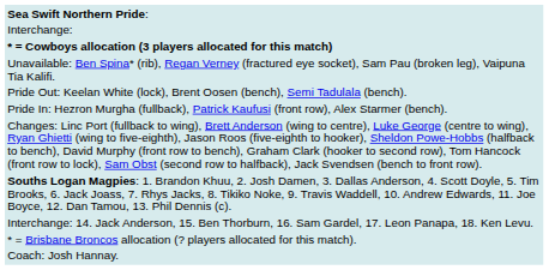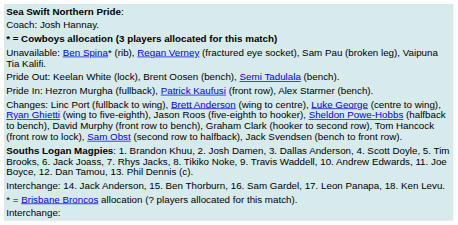 <table style="background:#d7ebed; font-size:85%; width:100%;">
 <tr>
 <td><strong>Sea Swift Northern Pride</strong>:             </td>
 </tr>
 <tr>
-<td>Interchange:    </td>
+<td>Coach: Josh Hannay.</td>
 </tr>
 <tr>
 <td><strong>* = Cowboys allocation (3 players allocated for this match)</strong></td>
 </tr>
 <tr>
 <td>Unavailable:  <a href='#'>Ben Spina</a>* (rib), <a href='#'>Regan Verney</a> (fractured eye socket), Sam Pau (broken leg), Vaipuna Tia Kalifi.</td>
 </tr>
 <tr>
 <td>Pride Out: Keelan White (lock), Brent Oosen (bench), <a href='#'>Semi Tadulala</a> (bench).</td>
 </tr>
 <tr>
 <td>Pride In: Hezron Murgha (fullback), <a href='#'>Patrick Kaufusi</a> (front row), Alex Starmer (bench).</td>
 </tr>
 <tr>
 <td>Changes: Linc Port (fullback to wing), <a href='#'>Brett Anderson</a> (wing to centre), <a href='#'>Luke George</a> (centre to wing), <a href='#'>Ryan Ghietti</a> (wing to five-eighth), Jason Roos (five-eighth to hooker), <a href='#'>Sheldon Powe-Hobbs</a> (halfback to bench), David Murphy (front row to bench), Graham Clark (hooker to second row), Tom Hancock (front row to lock), <a href='#'>Sam Obst</a> (second row to halfback), Jack Svendsen (bench to front row).</td>
 </tr>
 <tr>
 <td><strong>Souths Logan Magpies</strong>:  1. Brandon Khuu, 2. Josh Damen, 3. Dallas Anderson, 4. Scott Doyle, 5. Tim Brooks, 6. Jack Joass, 7. Rhys Jacks, 8. Tikiko Noke, 9. Travis Waddell, 10. Andrew Edwards, 11. Joe Boyce, 12. Dan Tamou, 13. Phil Dennis (c).</td>
 </tr>
 <tr>
 <td>Interchange: 14. Jack Anderson, 15. Ben Thorburn, 16. Sam Gardel, 17. Leon Panapa, 18. Ken Levu.</td>
 </tr>
 <tr>
 <td>* = <a href='#'>Brisbane Broncos</a> allocation (? players allocated for this match).</td>
 </tr>
 <tr>
-<td>Coach: Josh Hannay.</td>
+<td>Interchange:    </td>
 </tr>
 </table>
